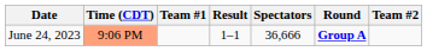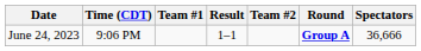 <table class="wikitable" style="text-align:center">
 <tr>
 <th style="text-align:center;">Date</th>
 <th style="text-align:center;">Time (<a href='#'>CDT</a>)</th>
 <th style="text-align:center;">Team #1</th>
 <th style="text-align:center;">Result</th>
+<th style="text-align:center;">Team #2</th>
+<th style="text-align:center;">Round</th>
 <th style="text-align:center;">Spectators</th>
-<th style="text-align:center;">Round</th>
-<th style="text-align:center;">Team #2</th>
 </tr>
 <tr>
 <td>June 24, 2023</td>
-<td style="background: lightsalmon;">9:06 PM</td>
+<td>9:06 PM</td>
 <td></td>
 <td>1–1</td>
+<td></td>
+<td><strong><a href='#'>Group A</a></strong></td>
 <td>36,666</td>
-<td><strong><a href='#'>Group A</a></strong></td>
-<td></td>
 </tr>
 </table>
